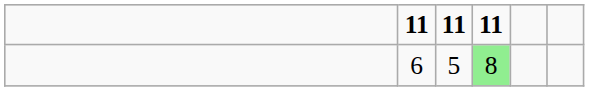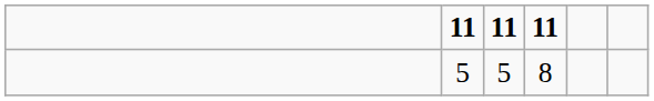 <table class="wikitable">
 <tr>
 <td style="width:15em"></td>
 <td align=center style="width:1em"><strong>11</strong></td>
 <td align=center style="width:1em"><strong>11</strong></td>
 <td align=center style="width:1em"><strong>11</strong></td>
 <td align=center style="width:1em"></td>
 <td align=center style="width:1em"></td>
 </tr>
 <tr>
 <td style="width:15em"></td>
-<td align=center style="width:1em">6</td>
 <td align=center style="width:1em">5</td>
-<td align=center style="background: lightgreen; width:1em">8</td>
+<td align=center style="width:1em">5</td>
+<td align=center style="width:1em">8</td>
 <td align=center style="width:1em"></td>
 <td align=center style="width:1em"></td>
 </tr>
 </table>
